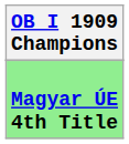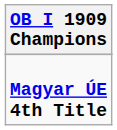 <table class="wikitable" style="text-align: center; margin: 0 auto;">
 <tr>
 <th><a href='#'>OB I</a> 1909<br>Champions</th>
 </tr>
 <tr>
 </tr>
 <tr>
-<td style="background: lightgreen;"><br><strong><a href='#'>Magyar ÚE</a></strong><br><strong>4th Title</strong></td>
+<td><br><strong><a href='#'>Magyar ÚE</a></strong><br><strong>4th Title</strong></td>
 </tr>
 </table>
